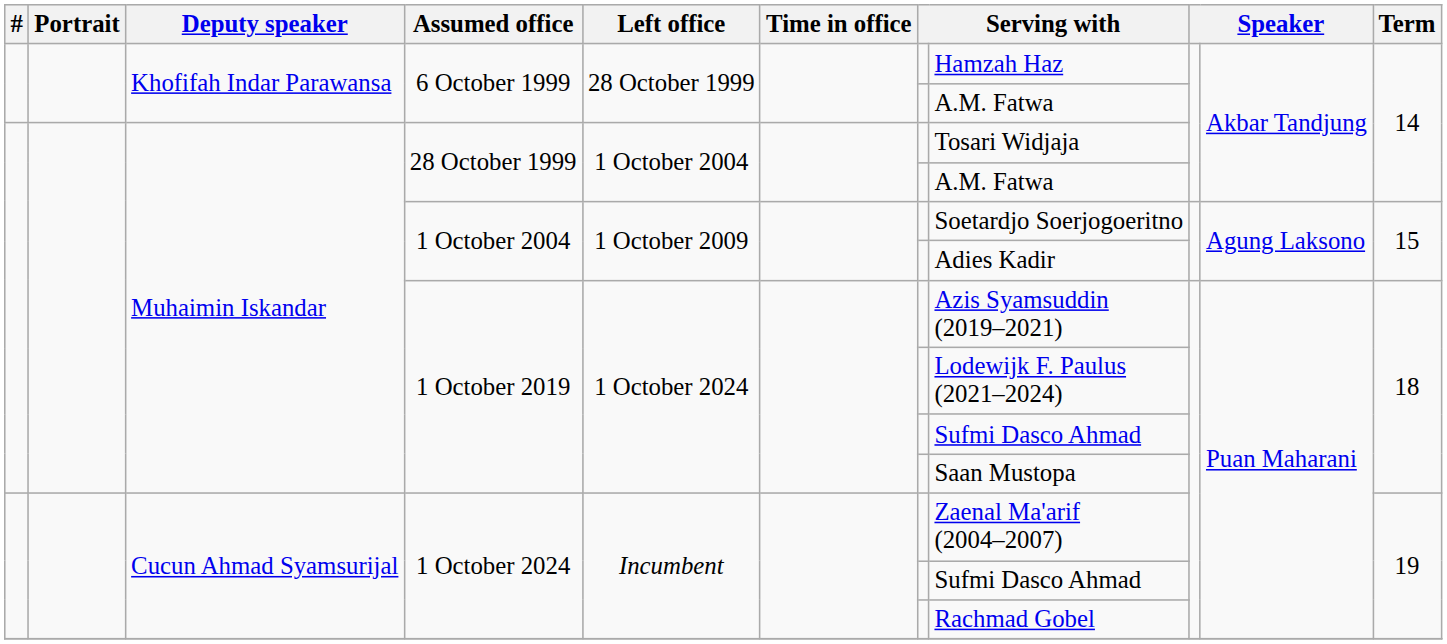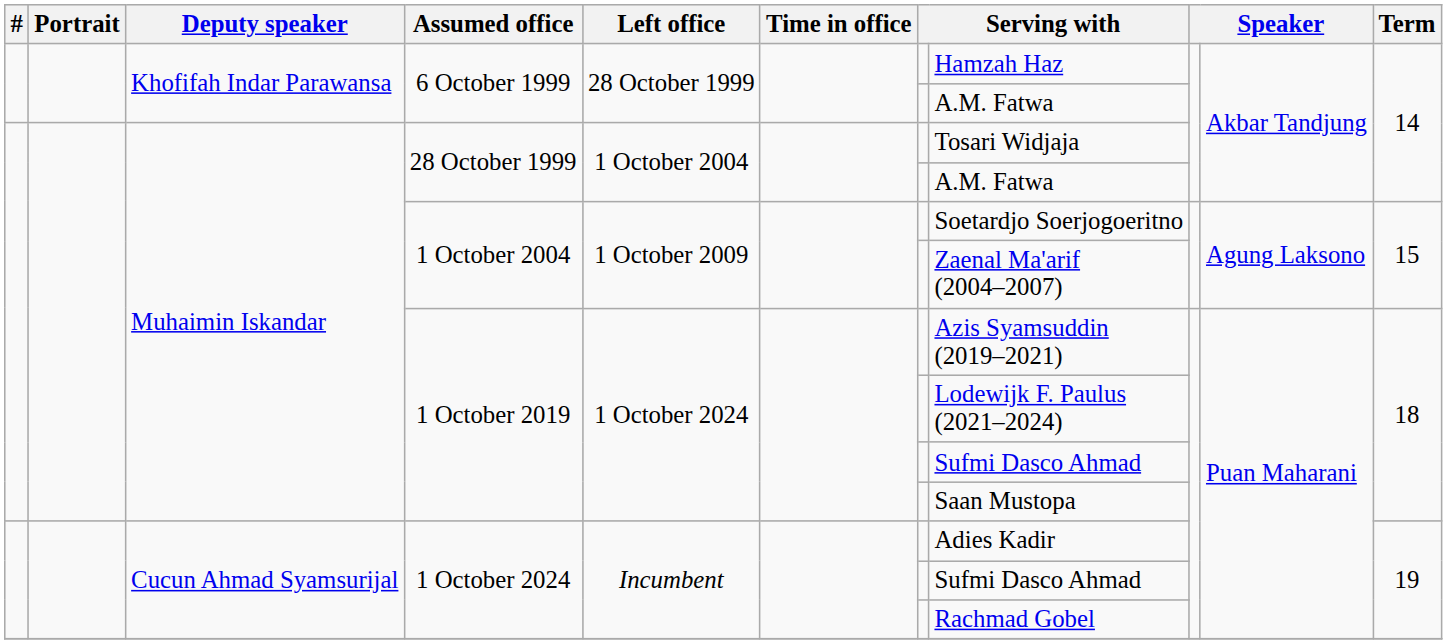 <table class="wikitable">
 <tr>
 <th>#</th>
 <th>Portrait</th>
 <th><a href='#'>Deputy speaker</a></th>
 <th>Assumed office</th>
 <th>Left office</th>
 <th>Time in office</th>
 <th colspan="2">Serving with</th>
 <th colspan="2"><a href='#'>Speaker</a></th>
 <th>Term</th>
 </tr>
 <tr>
 <td rowspan="2" ; style="text-align:center;background:"></td>
 <td rowspan="2"></td>
 <td rowspan="2"><a href='#'>Khofifah Indar Parawansa</a></td>
 <td rowspan="2"; style="text-align:center;">6 October 1999</td>
 <td rowspan="2"; style="text-align:center;">28 October 1999</td>
 <td rowspan="2"; style="text-align:center;"></td>
 <td style="background:"></td>
 <td><a href='#'>Hamzah Haz</a></td>
 <td rowspan="4" ; style="background:"></td>
 <td rowspan="4"><a href='#'>Akbar Tandjung</a></td>
 <td rowspan="4"; style="text-align:center;">14</td>
 </tr>
 <tr>
 <td style="background:"></td>
 <td>A.M. Fatwa</td>
 </tr>
 <tr>
 <td rowspan="8" ; style="text-align:center;background:"></td>
 <td rowspan="8"></td>
 <td rowspan="8"><a href='#'>Muhaimin Iskandar</a></td>
 <td rowspan="2"; style="text-align:center;">28 October 1999</td>
 <td rowspan="2"; style="text-align:center;">1 October 2004</td>
 <td rowspan="2"; style="text-align:center;"></td>
 <td style="background:"></td>
 <td>Tosari Widjaja</td>
 </tr>
 <tr>
 <td style="background:"></td>
 <td>A.M. Fatwa</td>
 </tr>
 <tr>
 <td rowspan="2"; style="text-align:center;">1 October 2004</td>
 <td rowspan="2"; style="text-align:center;">1 October 2009</td>
 <td rowspan="2"; style="text-align:center;"></td>
 <td style="background:"></td>
 <td>Soetardjo Soerjogoeritno</td>
 <td rowspan="2" ; style="background:"></td>
 <td rowspan="2"><a href='#'>Agung Laksono</a></td>
 <td rowspan="2"; style="text-align:center;">15</td>
 </tr>
 <tr>
 <td style="background:"></td>
-<td>Adies Kadir</td>
+<td><a href='#'>Zaenal Ma'arif</a><br>(2004–2007)</td>
 </tr>
 <tr>
 <td rowspan="4"; style="text-align:center;">1 October 2019</td>
 <td rowspan="4"; style="text-align:center;">1 October 2024</td>
 <td rowspan="4"; style="text-align:center;"></td>
 <td style="background:"></td>
 <td><a href='#'>Azis Syamsuddin</a><br>(2019–2021)</td>
 <td rowspan="7" ; style="background:"></td>
 <td rowspan="7"><a href='#'>Puan Maharani</a></td>
 <td rowspan="4"; style="text-align:center;">18</td>
 </tr>
 <tr>
 <td style="background:"></td>
 <td><a href='#'>Lodewijk F. Paulus</a><br>(2021–2024)</td>
 </tr>
 <tr>
 <td style="background:"></td>
 <td><a href='#'>Sufmi Dasco Ahmad</a></td>
 </tr>
 <tr>
 <td style="background:"></td>
 <td>Saan Mustopa</td>
 </tr>
 <tr>
 <td rowspan="3" ; style="text-align:center;background:"></td>
 <td rowspan="3"></td>
 <td rowspan="3"><a href='#'>Cucun Ahmad Syamsurijal</a></td>
 <td rowspan="3" style="text-align:center;">1 October 2024</td>
 <td rowspan="3" style="text-align:center;"><em>Incumbent</em></td>
 <td rowspan="3" style="text-align:center;"></td>
 <td style="background:"></td>
-<td><a href='#'>Zaenal Ma'arif</a><br>(2004–2007)</td>
+<td>Adies Kadir</td>
 <td rowspan="3"; style="text-align:center;">19</td>
 </tr>
 <tr>
 <td style="background:"></td>
 <td>Sufmi Dasco Ahmad</td>
 </tr>
 <tr>
 <td style="background:"></td>
 <td><a href='#'>Rachmad Gobel</a></td>
 </tr>
 <tr>
 </tr>
 </table>
